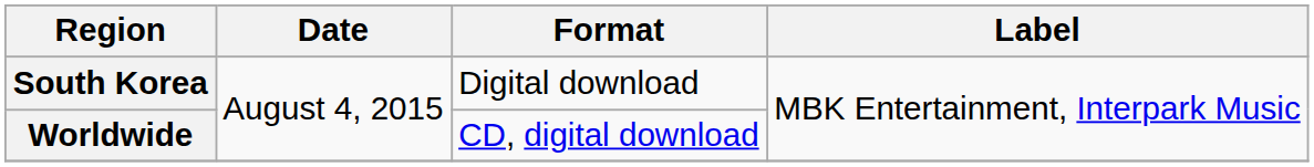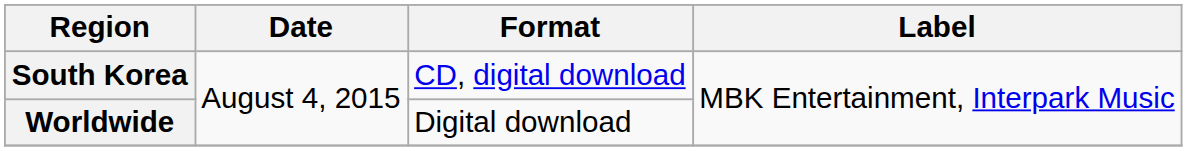 <table class="wikitable plainrowheaders">
 <tr>
 <th scope="col">Region</th>
 <th>Date</th>
 <th>Format</th>
 <th>Label</th>
 </tr>
 <tr>
 <th scope="row">South Korea</th>
 <td rowspan="2">August 4, 2015</td>
-<td>Digital download</td>
+<td><a href='#'>CD</a>, <a href='#'>digital download</a></td>
 <td rowspan="2">MBK Entertainment, <a href='#'>Interpark Music</a></td>
 </tr>
 <tr>
 <th scope="row">Worldwide</th>
-<td><a href='#'>CD</a>, <a href='#'>digital download</a></td>
+<td>Digital download</td>
 </tr>
 <tr>
 </tr>
 </table>
